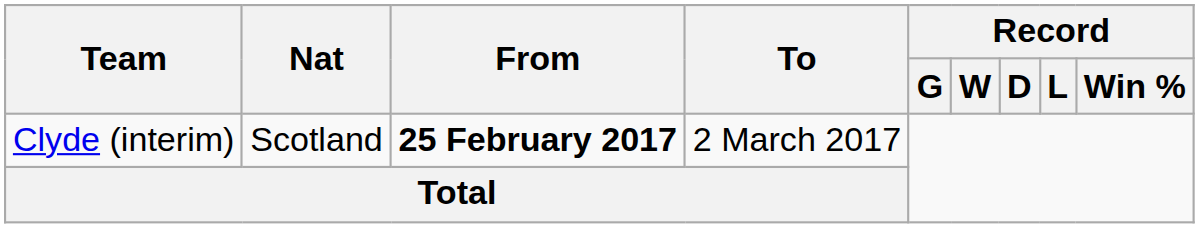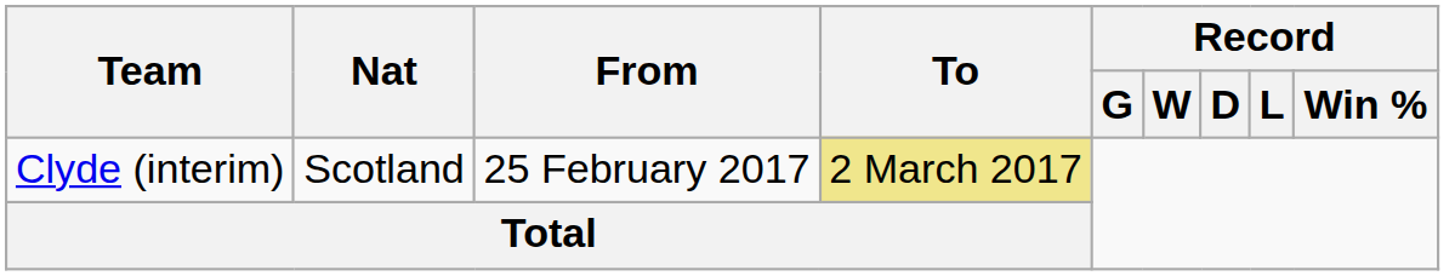 <table class="wikitable" style="text-align: center">
 <tr>
 <th rowspan="2">Team</th>
 <th rowspan="2">Nat</th>
 <th rowspan="2">From</th>
 <th rowspan="2">To</th>
 <th colspan="5">Record</th>
 </tr>
 <tr>
 <th>G</th>
 <th>W</th>
 <th>D</th>
 <th>L</th>
 <th>Win %</th>
 </tr>
 <tr>
 <td align=left><a href='#'>Clyde</a> (interim)</td>
 <td>Scotland</td>
-<td align=left><strong>25 February 2017</strong></td>
-<td align=left>2 March 2017<br></td>
+<td align=left>25 February 2017</td>
+<td align=left style="background: khaki;">2 March 2017<br></td>
 </tr>
 <tr>
 <th colspan="4">Total<br></th>
 </tr>
 </table>
